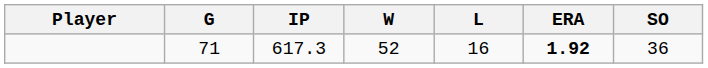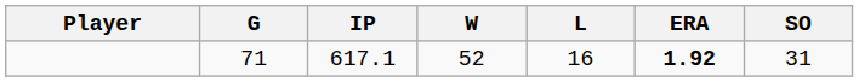 <table class="wikitable sortable">
 <tr>
 <th bgcolor="#DDDDFF" width="16%">Player</th>
 <th bgcolor="#DDDDFF" width="9%">G</th>
 <th bgcolor="#DDDDFF" width="9%">IP</th>
 <th bgcolor="#DDDDFF" width="9%">W</th>
 <th bgcolor="#DDDDFF" width="9%">L</th>
 <th bgcolor="#DDDDFF" width="9%">ERA</th>
 <th bgcolor="#DDDDFF" width="9%">SO</th>
 </tr>
 <tr align="center">
 <td></td>
 <td>71</td>
-<td>617.3</td>
+<td>617.1</td>
 <td>52</td>
 <td>16</td>
 <td><strong>1.92</strong></td>
-<td>36</td>
+<td>31</td>
 </tr>
 </table>
